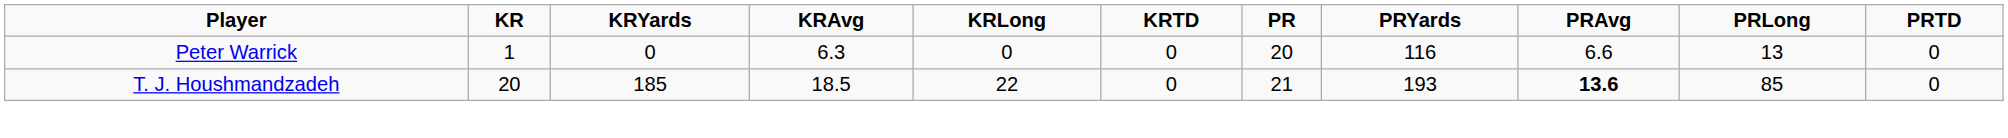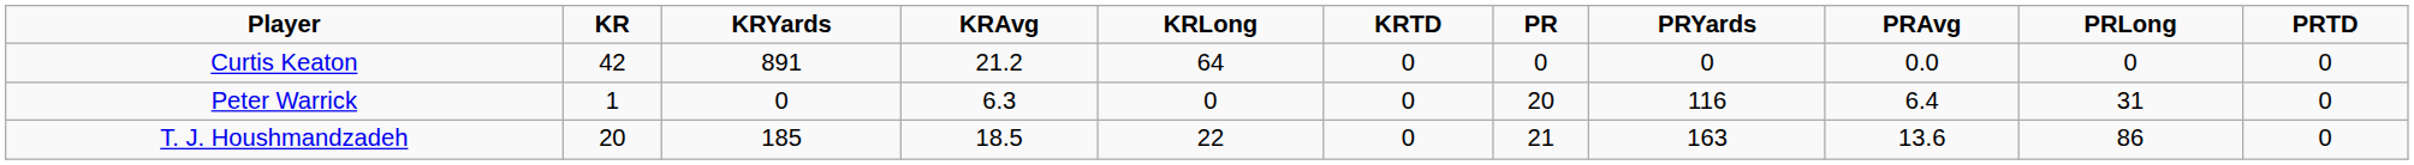 <table class="wikitable" width="80%">
 <tr align="center">
 <td><strong>Player</strong></td>
 <td><strong>KR</strong></td>
 <td><strong>KRYards</strong></td>
 <td><strong>KRAvg</strong></td>
 <td><strong>KRLong</strong></td>
 <td><strong>KRTD</strong></td>
 <td><strong>PR</strong></td>
 <td><strong>PRYards</strong></td>
 <td><strong>PRAvg</strong></td>
 <td><strong>PRLong</strong></td>
 <td><strong>PRTD</strong></td>
 </tr>
 <tr align="center" bgcolor="">
+<td><a href='#'>Curtis Keaton</a></td>
+<td>42</td>
+<td>891</td>
+<td>21.2</td>
+<td>64</td>
+<td>0</td>
+<td>0</td>
+<td>0</td>
+<td>0.0</td>
+<td>0</td>
+<td>0</td>
+</tr>
+<tr align="center" bgcolor="">
 <td><a href='#'>Peter Warrick</a></td>
 <td>1</td>
 <td>0</td>
 <td>6.3</td>
 <td>0</td>
 <td>0</td>
 <td>20</td>
 <td>116</td>
-<td>6.6</td>
-<td>13</td>
+<td>6.4</td>
+<td>31</td>
 <td>0</td>
 </tr>
 <tr align="center" bgcolor="">
 <td><a href='#'>T. J. Houshmandzadeh</a></td>
 <td>20</td>
 <td>185</td>
 <td>18.5</td>
 <td>22</td>
 <td>0</td>
 <td>21</td>
-<td>193</td>
-<td><strong>13.6</strong></td>
-<td>85</td>
+<td>163</td>
+<td>13.6</td>
+<td>86</td>
 <td>0</td>
 </tr>
 </table>
